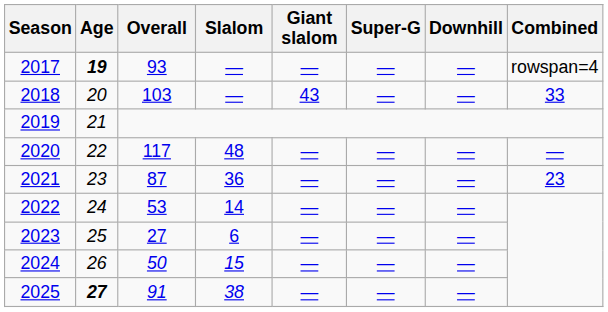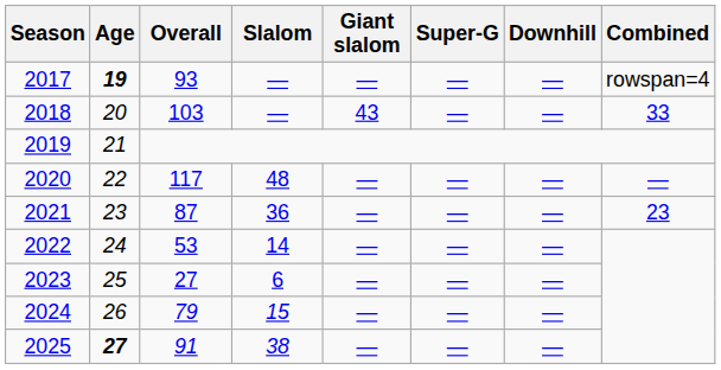 <table class=wikitable style="text-align:center">
 <tr>
 <th>Season</th>
 <th>Age</th>
 <th> Overall </th>
 <th> Slalom </th>
 <th>Giant<br> slalom </th>
 <th>Super-G</th>
 <th>Downhill</th>
 <th>Combined</th>
 </tr>
 <tr>
 <td><a href='#'>2017</a></td>
 <td><strong><em>19</em></strong></td>
 <td><a href='#'>93</a></td>
 <td><a href='#'>—</a></td>
 <td><a href='#'>—</a></td>
 <td><a href='#'>—</a></td>
 <td><a href='#'>—</a></td>
 <td>rowspan=4 </td>
 </tr>
 <tr>
 <td><a href='#'>2018</a></td>
 <td><em>20</em></td>
 <td><a href='#'>103</a></td>
 <td><a href='#'>—</a></td>
 <td><a href='#'>43</a></td>
 <td><a href='#'>—</a></td>
 <td><a href='#'>—</a></td>
 <td><a href='#'>33</a></td>
 </tr>
 <tr>
 <td><a href='#'>2019</a></td>
 <td><em>21</em></td>
 <td colspan=6></td>
 </tr>
 <tr>
 <td><a href='#'>2020</a></td>
 <td><em>22</em></td>
 <td><a href='#'>117</a></td>
 <td><a href='#'>48</a></td>
 <td><a href='#'>—</a></td>
 <td><a href='#'>—</a></td>
 <td><a href='#'>—</a></td>
 <td><a href='#'>—</a></td>
 </tr>
 <tr>
 <td><a href='#'>2021</a></td>
 <td><em>23</em></td>
 <td><a href='#'>87</a></td>
 <td><a href='#'>36</a></td>
 <td><a href='#'>—</a></td>
 <td><a href='#'>—</a></td>
 <td><a href='#'>—</a></td>
 <td><a href='#'>23</a></td>
 </tr>
 <tr>
 <td><a href='#'>2022</a></td>
 <td><em>24</em></td>
 <td><a href='#'>53</a></td>
 <td><a href='#'>14</a></td>
 <td><a href='#'>—</a></td>
 <td><a href='#'>—</a></td>
 <td><a href='#'>—</a></td>
 </tr>
 <tr>
 <td><a href='#'>2023</a></td>
 <td><em>25</em></td>
 <td><a href='#'>27</a></td>
 <td><a href='#'>6</a></td>
 <td><a href='#'>—</a></td>
 <td><a href='#'>—</a></td>
 <td><a href='#'>—</a></td>
 </tr>
 <tr>
 <td><a href='#'>2024</a></td>
 <td><em>26</em></td>
-<td><a href='#'><em>50</em></a></td>
+<td><a href='#'><em>79</em></a></td>
 <td><a href='#'><em>15</em></a></td>
 <td><a href='#'>—</a></td>
 <td><a href='#'>—</a></td>
 <td><a href='#'>—</a></td>
 </tr>
 <tr>
 <td><a href='#'>2025</a></td>
 <td><strong><em>27</em></strong></td>
 <td><a href='#'><em>91</em></a></td>
 <td><a href='#'><em>38</em></a></td>
 <td><a href='#'>—</a></td>
 <td><a href='#'>—</a></td>
 <td><a href='#'>—</a></td>
 </tr>
 </table>
